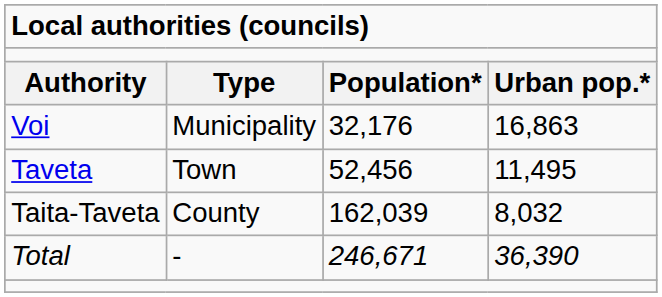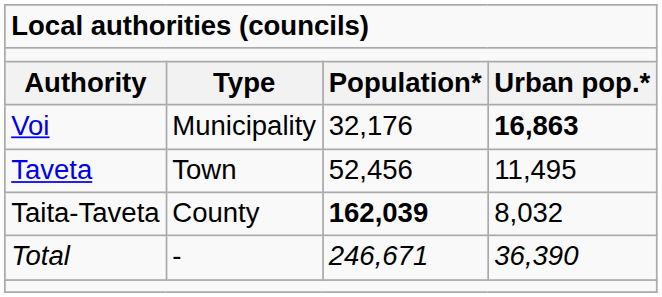 <table class="wikitable">
 <tr>
 <td colspan="4"><strong>Local authorities (councils)</strong></td>
 </tr>
 <tr>
 <td colspan="4"></td>
 </tr>
 <tr>
 <th>Authority</th>
 <th>Type</th>
 <th>Population*</th>
 <th>Urban pop.*</th>
 </tr>
 <tr>
 <td><a href='#'>Voi</a></td>
 <td>Municipality</td>
 <td>32,176</td>
-<td>16,863</td>
+<td><strong>16,863</strong></td>
 </tr>
 <tr>
 <td><a href='#'>Taveta</a></td>
 <td>Town</td>
 <td>52,456</td>
 <td>11,495</td>
 </tr>
 <tr>
 <td>Taita-Taveta</td>
 <td>County</td>
-<td>162,039</td>
+<td><strong>162,039</strong></td>
 <td>8,032</td>
 </tr>
 <tr>
 <td><em>Total</em></td>
 <td>-</td>
 <td><em>246,671</em></td>
 <td><em>36,390</em></td>
 </tr>
 <tr>
 <td colspan="4"></td>
 </tr>
 </table>
